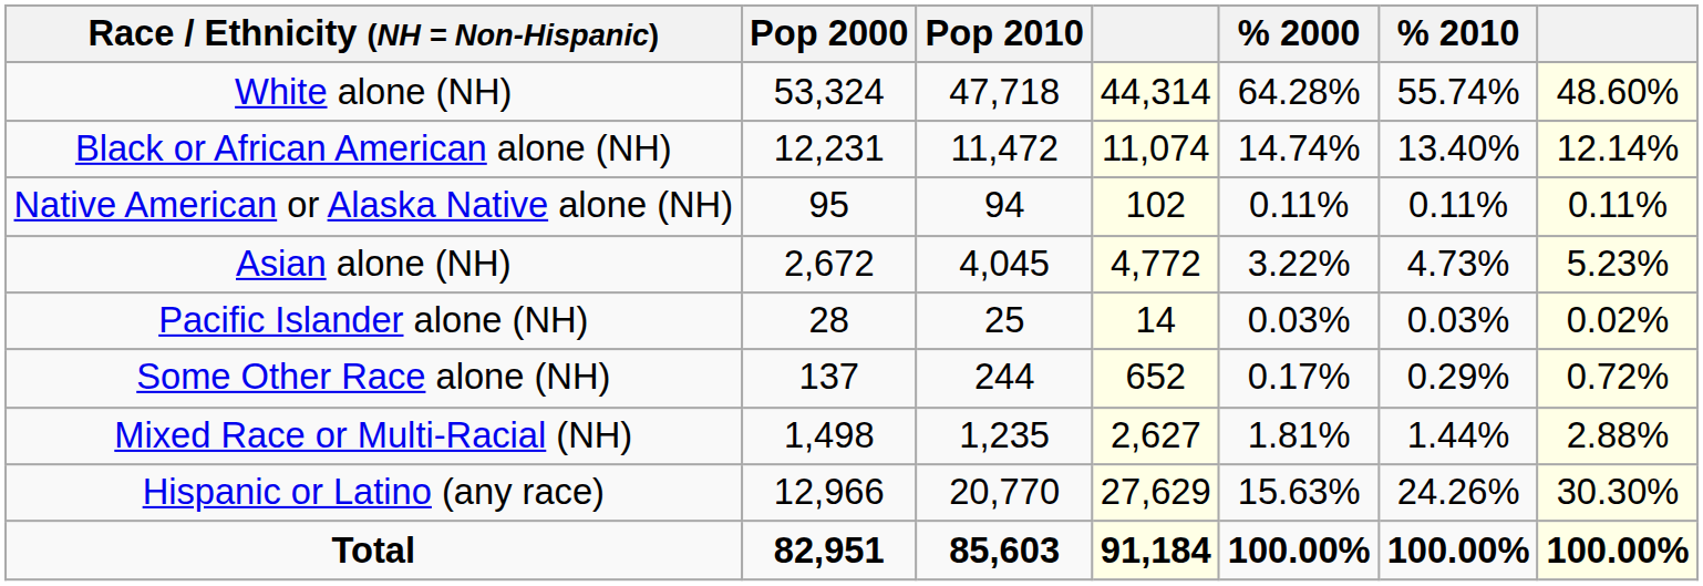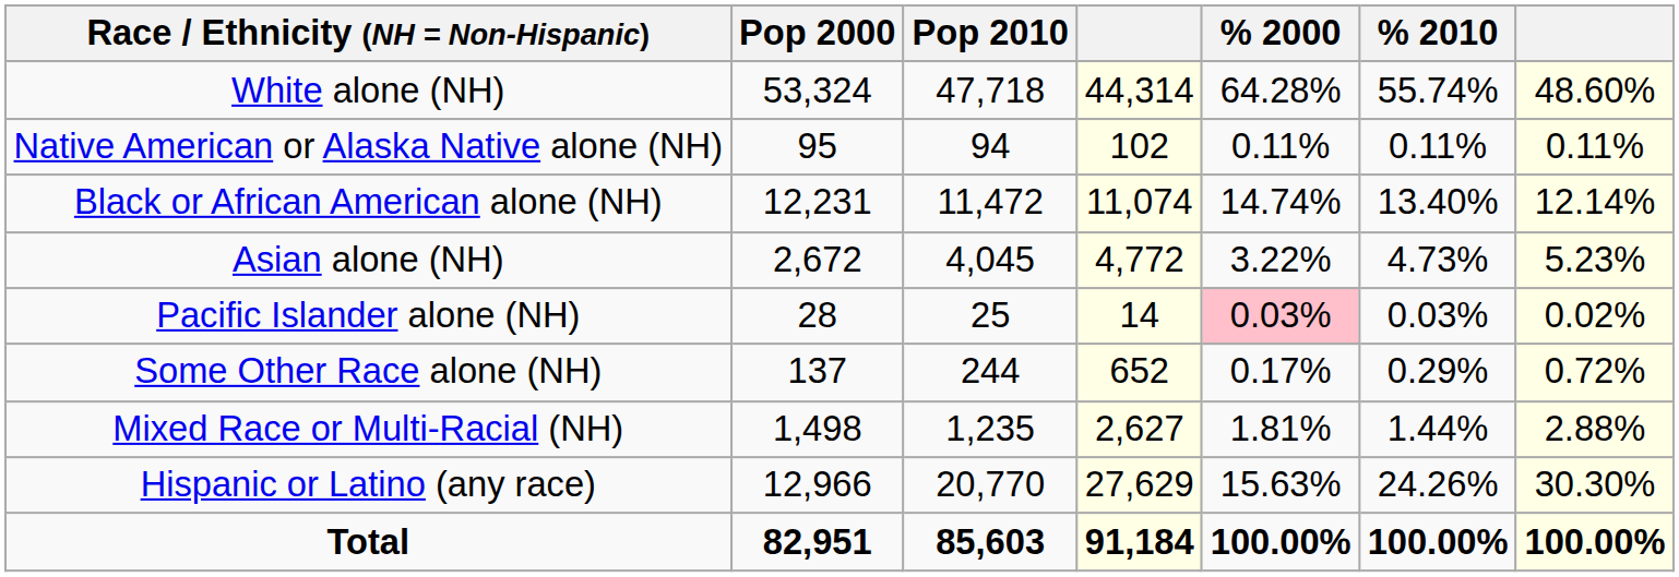 <table class="wikitable" style="text-align:center;">
 <tr>
 <th>Race / Ethnicity <small>(<em>NH = Non-Hispanic</em>)</small></th>
 <th>Pop 2000</th>
 <th>Pop 2010</th>
 <th></th>
 <th>% 2000</th>
 <th>% 2010</th>
 <th></th>
 </tr>
 <tr>
 <td><a href='#'>White</a> alone (NH)</td>
 <td>53,324</td>
 <td>47,718</td>
 <td style='background: #ffffe6;'>44,314</td>
 <td>64.28%</td>
 <td>55.74%</td>
 <td style='background: #ffffe6;'>48.60%</td>
 </tr>
 <tr>
+<td><a href='#'>Native American</a> or <a href='#'>Alaska Native</a> alone (NH)</td>
+<td>95</td>
+<td>94</td>
+<td style='background: #ffffe6;'>102</td>
+<td>0.11%</td>
+<td>0.11%</td>
+<td style='background: #ffffe6;'>0.11%</td>
+</tr>
+<tr>
 <td><a href='#'>Black or African American</a> alone (NH)</td>
 <td>12,231</td>
 <td>11,472</td>
 <td style='background: #ffffe6;'>11,074</td>
 <td>14.74%</td>
 <td>13.40%</td>
 <td style='background: #ffffe6;'>12.14%</td>
-</tr>
-<tr>
-<td><a href='#'>Native American</a> or <a href='#'>Alaska Native</a> alone (NH)</td>
-<td>95</td>
-<td>94</td>
-<td style='background: #ffffe6;'>102</td>
-<td>0.11%</td>
-<td>0.11%</td>
-<td style='background: #ffffe6;'>0.11%</td>
 </tr>
 <tr>
 <td><a href='#'>Asian</a> alone (NH)</td>
 <td>2,672</td>
 <td>4,045</td>
 <td style='background: #ffffe6;'>4,772</td>
 <td>3.22%</td>
 <td>4.73%</td>
 <td style='background: #ffffe6;'>5.23%</td>
 </tr>
 <tr>
 <td><a href='#'>Pacific Islander</a> alone (NH)</td>
 <td>28</td>
 <td>25</td>
 <td style='background: #ffffe6;'>14</td>
-<td>0.03%</td>
+<td style="background: pink;">0.03%</td>
 <td>0.03%</td>
 <td style='background: #ffffe6;'>0.02%</td>
 </tr>
 <tr>
 <td><a href='#'>Some Other Race</a> alone (NH)</td>
 <td>137</td>
 <td>244</td>
 <td style='background: #ffffe6;'>652</td>
 <td>0.17%</td>
 <td>0.29%</td>
 <td style='background: #ffffe6;'>0.72%</td>
 </tr>
 <tr>
 <td><a href='#'>Mixed Race or Multi-Racial</a> (NH)</td>
 <td>1,498</td>
 <td>1,235</td>
 <td style='background: #ffffe6;'>2,627</td>
 <td>1.81%</td>
 <td>1.44%</td>
 <td style='background: #ffffe6;'>2.88%</td>
 </tr>
 <tr>
 <td><a href='#'>Hispanic or Latino</a> (any race)</td>
 <td>12,966</td>
 <td>20,770</td>
 <td style='background: #ffffe6;'>27,629</td>
 <td>15.63%</td>
 <td>24.26%</td>
 <td style='background: #ffffe6;'>30.30%</td>
 </tr>
 <tr>
 <td><strong>Total</strong></td>
 <td><strong>82,951</strong></td>
 <td><strong>85,603</strong></td>
 <td style='background: #ffffe6;'><strong>91,184</strong></td>
 <td><strong>100.00%</strong></td>
 <td><strong>100.00%</strong></td>
 <td style='background: #ffffe6;'><strong>100.00%</strong></td>
 </tr>
 </table>
